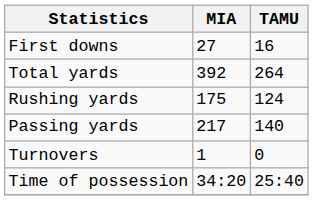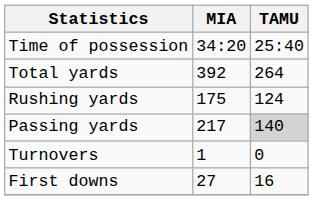 <table class="wikitable" style="float: left;">
 <tr>
 <th>Statistics</th>
 <th>MIA</th>
 <th>TAMU</th>
 </tr>
 <tr>
-<td>First downs</td>
-<td>27</td>
-<td>16</td>
+<td>Time of possession</td>
+<td>34:20</td>
+<td>25:40</td>
 </tr>
 <tr>
 <td>Total yards</td>
 <td>392</td>
 <td>264</td>
 </tr>
 <tr>
 <td>Rushing yards</td>
 <td>175</td>
 <td>124</td>
 </tr>
 <tr>
 <td>Passing yards</td>
 <td>217</td>
-<td>140</td>
+<td style="background: lightgrey;">140</td>
 </tr>
 <tr>
 <td>Turnovers</td>
 <td>1</td>
 <td>0</td>
 </tr>
 <tr>
-<td>Time of possession</td>
-<td>34:20</td>
-<td>25:40</td>
+<td>First downs</td>
+<td>27</td>
+<td>16</td>
 </tr>
 <tr>
 </tr>
 </table>
